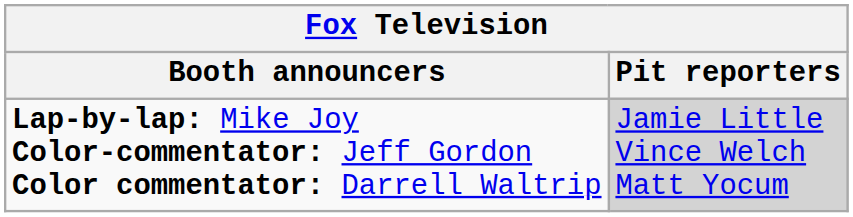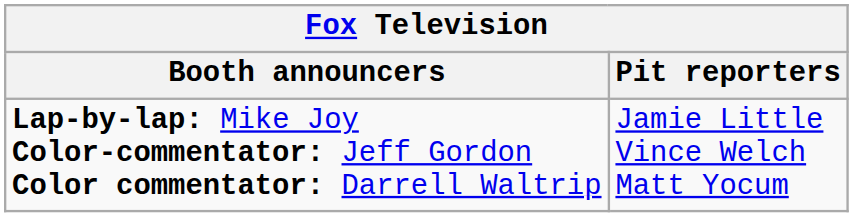 <table class="wikitable" style="font-size: 95%;">
 <tr>
 <th colspan="2"><a href='#'>Fox</a> Television</th>
 </tr>
 <tr>
 <th>Booth announcers</th>
 <th>Pit reporters</th>
 </tr>
 <tr>
 <td><strong>Lap-by-lap:</strong> <a href='#'>Mike Joy</a><br><strong>Color-commentator:</strong> <a href='#'>Jeff Gordon</a><br><strong>Color commentator:</strong> <a href='#'>Darrell Waltrip</a></td>
-<td style="background: lightgrey;"><a href='#'>Jamie Little</a><br><a href='#'>Vince Welch</a><br><a href='#'>Matt Yocum</a></td>
+<td><a href='#'>Jamie Little</a><br><a href='#'>Vince Welch</a><br><a href='#'>Matt Yocum</a></td>
 </tr>
 </table>
